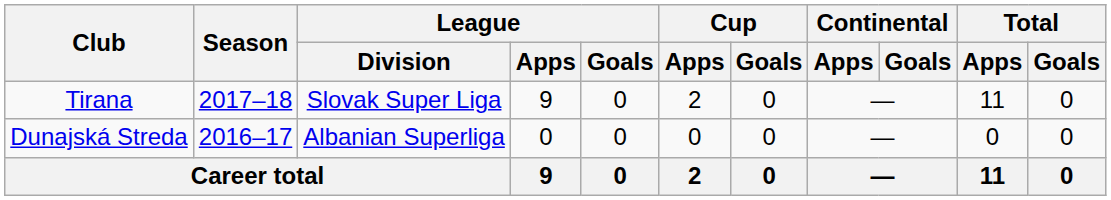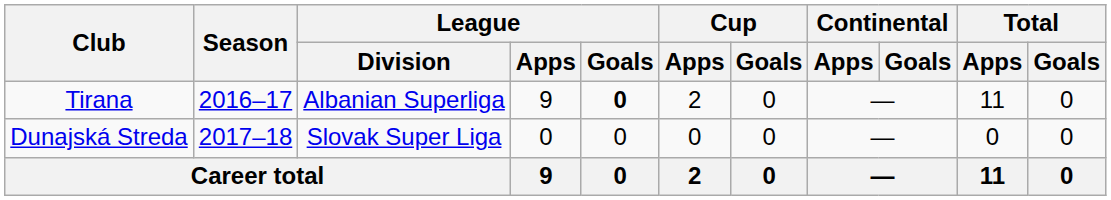 <table class="wikitable" style="text-align:center">
 <tr>
 <th rowspan="2">Club</th>
 <th rowspan="2">Season</th>
 <th colspan="3">League</th>
 <th colspan="2">Cup</th>
 <th colspan="2">Continental</th>
 <th colspan="2">Total</th>
 </tr>
 <tr>
 <th>Division</th>
 <th>Apps</th>
 <th>Goals</th>
 <th>Apps</th>
 <th>Goals</th>
 <th>Apps</th>
 <th>Goals</th>
 <th>Apps</th>
 <th>Goals</th>
 </tr>
 <tr>
 <td rowspan="1"><a href='#'>Tirana</a></td>
-<td><a href='#'>2017–18</a></td>
-<td rowspan="1"><a href='#'>Slovak Super Liga</a></td>
+<td><a href='#'>2016–17</a></td>
+<td rowspan="1"><a href='#'>Albanian Superliga</a></td>
 <td>9</td>
-<td>0</td>
+<td><strong>0</strong></td>
 <td>2</td>
 <td>0</td>
 <td colspan="2">—</td>
 <td>11</td>
 <td>0</td>
 </tr>
 <tr>
 <td rowspan="1"><a href='#'>Dunajská Streda</a></td>
-<td><a href='#'>2016–17</a></td>
-<td rowspan="1"><a href='#'>Albanian Superliga</a></td>
+<td><a href='#'>2017–18</a></td>
+<td rowspan="1"><a href='#'>Slovak Super Liga</a></td>
 <td>0</td>
 <td>0</td>
 <td>0</td>
 <td>0</td>
 <td colspan="2">—</td>
 <td>0</td>
 <td>0</td>
 </tr>
 <tr>
 <th colspan=3>Career total</th>
 <th>9</th>
 <th>0</th>
 <th>2</th>
 <th>0</th>
 <th colspan="2">—</th>
 <th>11</th>
 <th>0</th>
 </tr>
 </table>
